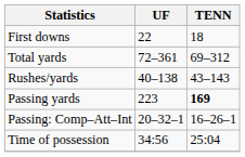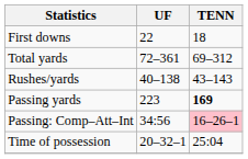 <table class="wikitable" style="float: left;">
 <tr>
 <th>Statistics</th>
 <th>UF</th>
 <th>TENN</th>
 </tr>
 <tr>
 <td>First downs</td>
 <td>22</td>
 <td>18</td>
 </tr>
 <tr>
 <td>Total yards</td>
 <td>72–361</td>
 <td>69–312</td>
 </tr>
 <tr>
 <td>Rushes/yards</td>
 <td>40–138</td>
 <td>43–143</td>
 </tr>
 <tr>
 <td>Passing yards</td>
 <td>223</td>
 <td><strong>169</strong></td>
 </tr>
 <tr>
 <td>Passing: Comp–Att–Int</td>
-<td>20–32–1</td>
-<td>16–26–1</td>
+<td>34:56</td>
+<td style="background: pink;">16–26–1</td>
 </tr>
 <tr>
 <td>Time of possession</td>
-<td>34:56</td>
+<td>20–32–1</td>
 <td>25:04</td>
 </tr>
 <tr>
 </tr>
 </table>
